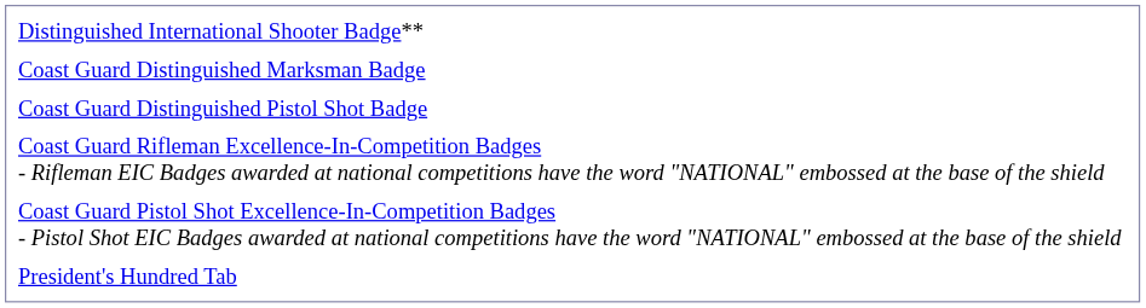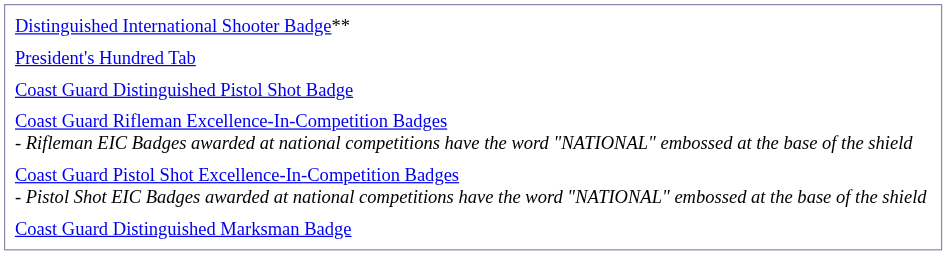 <table style="border:1px solid #8888aa; padding:5px; font-size:95%; float: left; margin: 0px 12px 12px 0px;">
 <tr>
 <td align="left"><a href='#'>Distinguished International Shooter Badge</a>**</td>
 <td align="center"></td>
 </tr>
 <tr>
 <td></td>
 </tr>
 <tr>
-<td align="left"><a href='#'>Coast Guard Distinguished Marksman Badge</a></td>
+<td align="left"><a href='#'>President's Hundred Tab</a></td>
 <td align="center"></td>
 </tr>
 <tr>
 <td></td>
 </tr>
 <tr>
 <td align="left"><a href='#'>Coast Guard Distinguished Pistol Shot Badge</a></td>
 <td align="center"></td>
 </tr>
 <tr>
 <td></td>
 </tr>
 <tr>
 <td align="left"><a href='#'>Coast Guard Rifleman Excellence-In-Competition Badges</a><br>- <em>Rifleman EIC Badges awarded at national competitions have the word "NATIONAL" embossed at the base of the shield</em></td>
 <td align="center"></td>
 </tr>
 <tr>
 <td></td>
 </tr>
 <tr>
 <td align="left"><a href='#'>Coast Guard Pistol Shot Excellence-In-Competition Badges</a><br>- <em>Pistol Shot EIC Badges awarded at national competitions have the word "NATIONAL" embossed at the base of the shield</em></td>
 <td align="center"></td>
 </tr>
 <tr>
 <td></td>
 </tr>
 <tr>
-<td align="left"><a href='#'>President's Hundred Tab</a></td>
+<td align="left"><a href='#'>Coast Guard Distinguished Marksman Badge</a></td>
 <td align="center"></td>
 </tr>
 </table>
